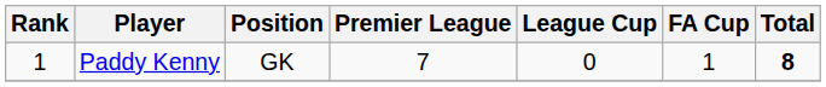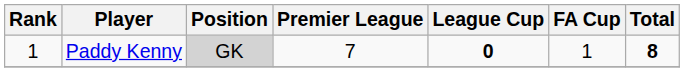 <table class="wikitable">
 <tr>
 <th>Rank</th>
 <th>Player</th>
 <th>Position</th>
 <th>Premier League</th>
 <th>League Cup</th>
 <th>FA Cup</th>
 <th>Total</th>
 </tr>
 <tr>
 <td align=center>1</td>
 <td align=left> <a href='#'>Paddy Kenny</a></td>
-<td align=center>GK</td>
+<td align=center style="background: lightgrey;">GK</td>
 <td align=center>7</td>
-<td align=center>0</td>
+<td align=center><strong>0</strong></td>
 <td align=center>1</td>
 <td align=center><strong>8</strong></td>
 </tr>
 <tr>
 </tr>
 </table>
